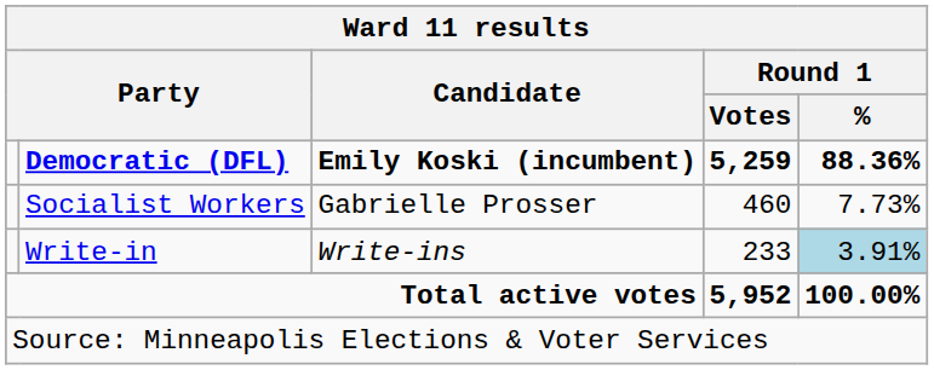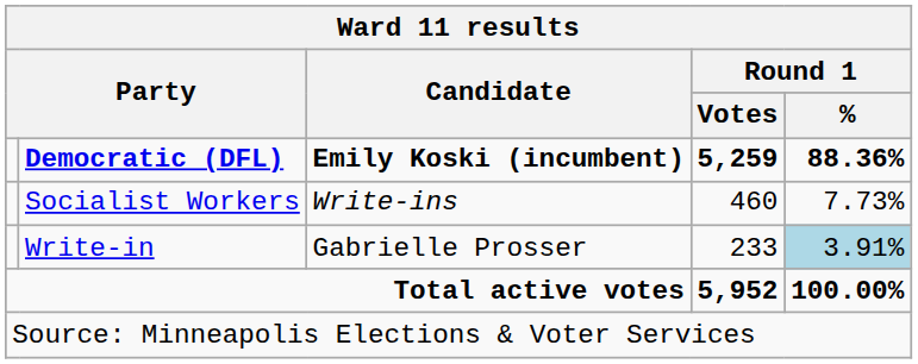 <table class="wikitable">
 <tr>
 <th colspan="5">Ward 11 results</th>
 </tr>
 <tr>
 <th rowspan="2" colspan="2">Party</th>
 <th rowspan="2">Candidate</th>
 <th colspan="2">Round 1</th>
 </tr>
 <tr>
 <th>Votes</th>
 <th>%</th>
 </tr>
 <tr>
 <td style="background-color:"></td>
 <td><strong><a href='#'>Democratic (DFL)</a></strong></td>
 <td><strong>Emily Koski (incumbent)</strong></td>
 <td align="right"><strong>5,259</strong></td>
 <td align="right"><strong>88.36%</strong></td>
 </tr>
 <tr>
 <td style="background-color:"></td>
 <td><a href='#'>Socialist Workers</a></td>
-<td>Gabrielle Prosser</td>
+<td><em>Write-ins</em></td>
 <td align="right">460</td>
 <td align="right">7.73%</td>
 </tr>
 <tr>
 <td style="background-color:"></td>
 <td><a href='#'>Write-in</a></td>
-<td><em>Write-ins</em></td>
+<td>Gabrielle Prosser</td>
 <td align="right">233</td>
 <td align="right" style="background: lightblue;">3.91%</td>
 </tr>
 <tr align="right">
 <td colspan="3"><strong>Total active votes</strong></td>
 <td><strong>5,952</strong></td>
 <td><strong>100.00%</strong></td>
 </tr>
 <tr>
 <td colspan="7">Source: Minneapolis Elections & Voter Services</td>
 </tr>
 </table>
